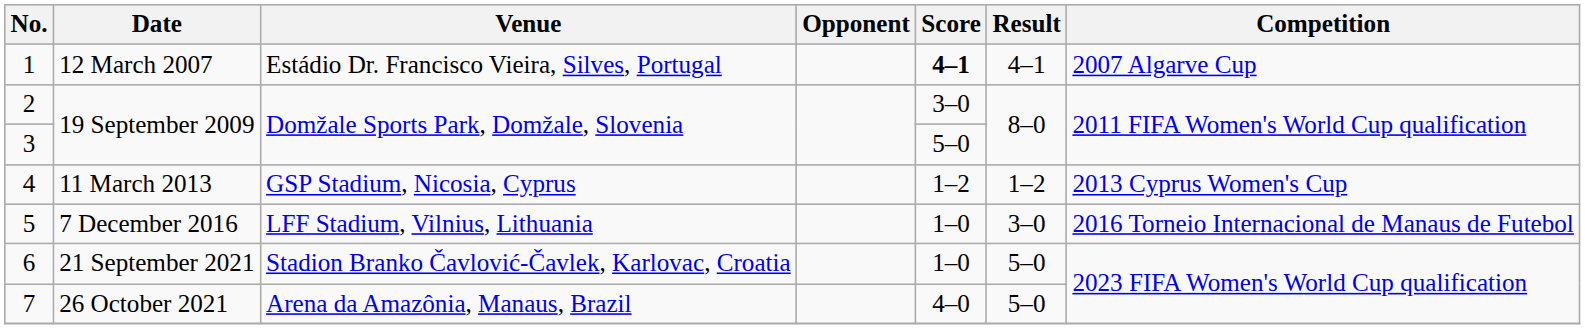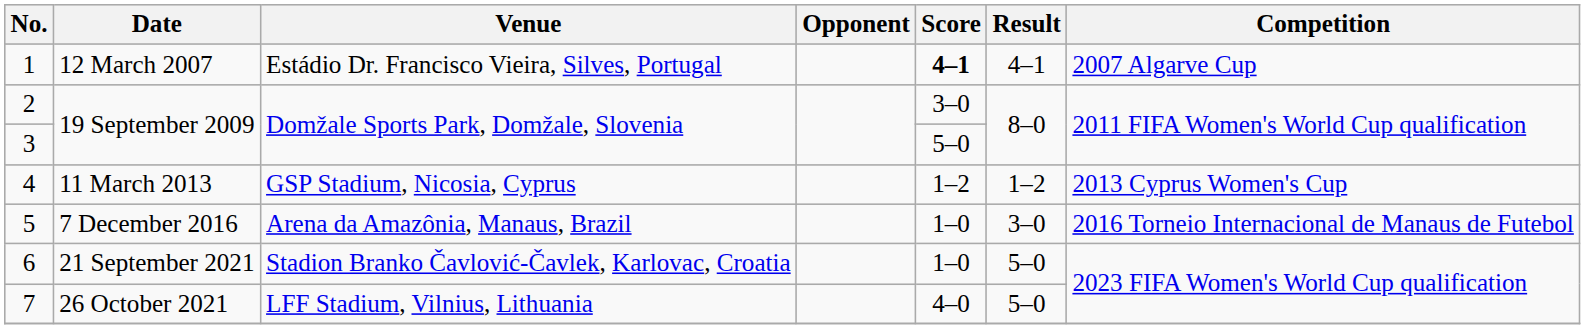 <table class="wikitable sortable">
 <tr>
 <th scope="col">No.</th>
 <th scope="col">Date</th>
 <th scope="col">Venue</th>
 <th scope="col">Opponent</th>
 <th scope="col">Score</th>
 <th scope="col">Result</th>
 <th scope="col">Competition</th>
 </tr>
 <tr>
 <td align="center">1</td>
 <td>12 March 2007</td>
 <td>Estádio Dr. Francisco Vieira, <a href='#'>Silves</a>, <a href='#'>Portugal</a></td>
 <td></td>
 <td align="center"><strong>4–1</strong></td>
 <td align="center">4–1</td>
 <td><a href='#'>2007 Algarve Cup</a></td>
 </tr>
 <tr>
 <td align="center">2</td>
 <td rowspan="2">19 September 2009</td>
 <td rowspan="2"><a href='#'>Domžale Sports Park</a>, <a href='#'>Domžale</a>, <a href='#'>Slovenia</a></td>
 <td rowspan="2"></td>
 <td align="center">3–0</td>
 <td rowspan="2" align="center">8–0</td>
 <td rowspan="2"><a href='#'>2011 FIFA Women's World Cup qualification</a></td>
 </tr>
 <tr>
 <td align="center">3</td>
 <td align="center">5–0</td>
 </tr>
 <tr>
 <td align="center">4</td>
 <td>11 March 2013</td>
 <td><a href='#'>GSP Stadium</a>, <a href='#'>Nicosia</a>, <a href='#'>Cyprus</a></td>
 <td></td>
 <td align="center">1–2</td>
 <td align="center">1–2</td>
 <td><a href='#'>2013 Cyprus Women's Cup</a></td>
 </tr>
 <tr>
 <td align="center">5</td>
 <td>7 December 2016</td>
-<td><a href='#'>LFF Stadium</a>, <a href='#'>Vilnius</a>, <a href='#'>Lithuania</a></td>
+<td><a href='#'>Arena da Amazônia</a>, <a href='#'>Manaus</a>, <a href='#'>Brazil</a></td>
 <td></td>
 <td align="center">1–0</td>
 <td align="center">3–0</td>
 <td><a href='#'>2016 Torneio Internacional de Manaus de Futebol</a></td>
 </tr>
 <tr>
 <td align="center">6</td>
 <td>21 September 2021</td>
 <td><a href='#'>Stadion Branko Čavlović-Čavlek</a>, <a href='#'>Karlovac</a>, <a href='#'>Croatia</a></td>
 <td></td>
 <td align="center">1–0</td>
 <td align="center">5–0</td>
 <td rowspan="2"><a href='#'>2023 FIFA Women's World Cup qualification</a></td>
 </tr>
 <tr>
 <td align="center">7</td>
 <td>26 October 2021</td>
-<td><a href='#'>Arena da Amazônia</a>, <a href='#'>Manaus</a>, <a href='#'>Brazil</a></td>
+<td><a href='#'>LFF Stadium</a>, <a href='#'>Vilnius</a>, <a href='#'>Lithuania</a></td>
 <td></td>
 <td align="center">4–0</td>
 <td align="center">5–0</td>
 </tr>
 <tr>
 </tr>
 </table>
